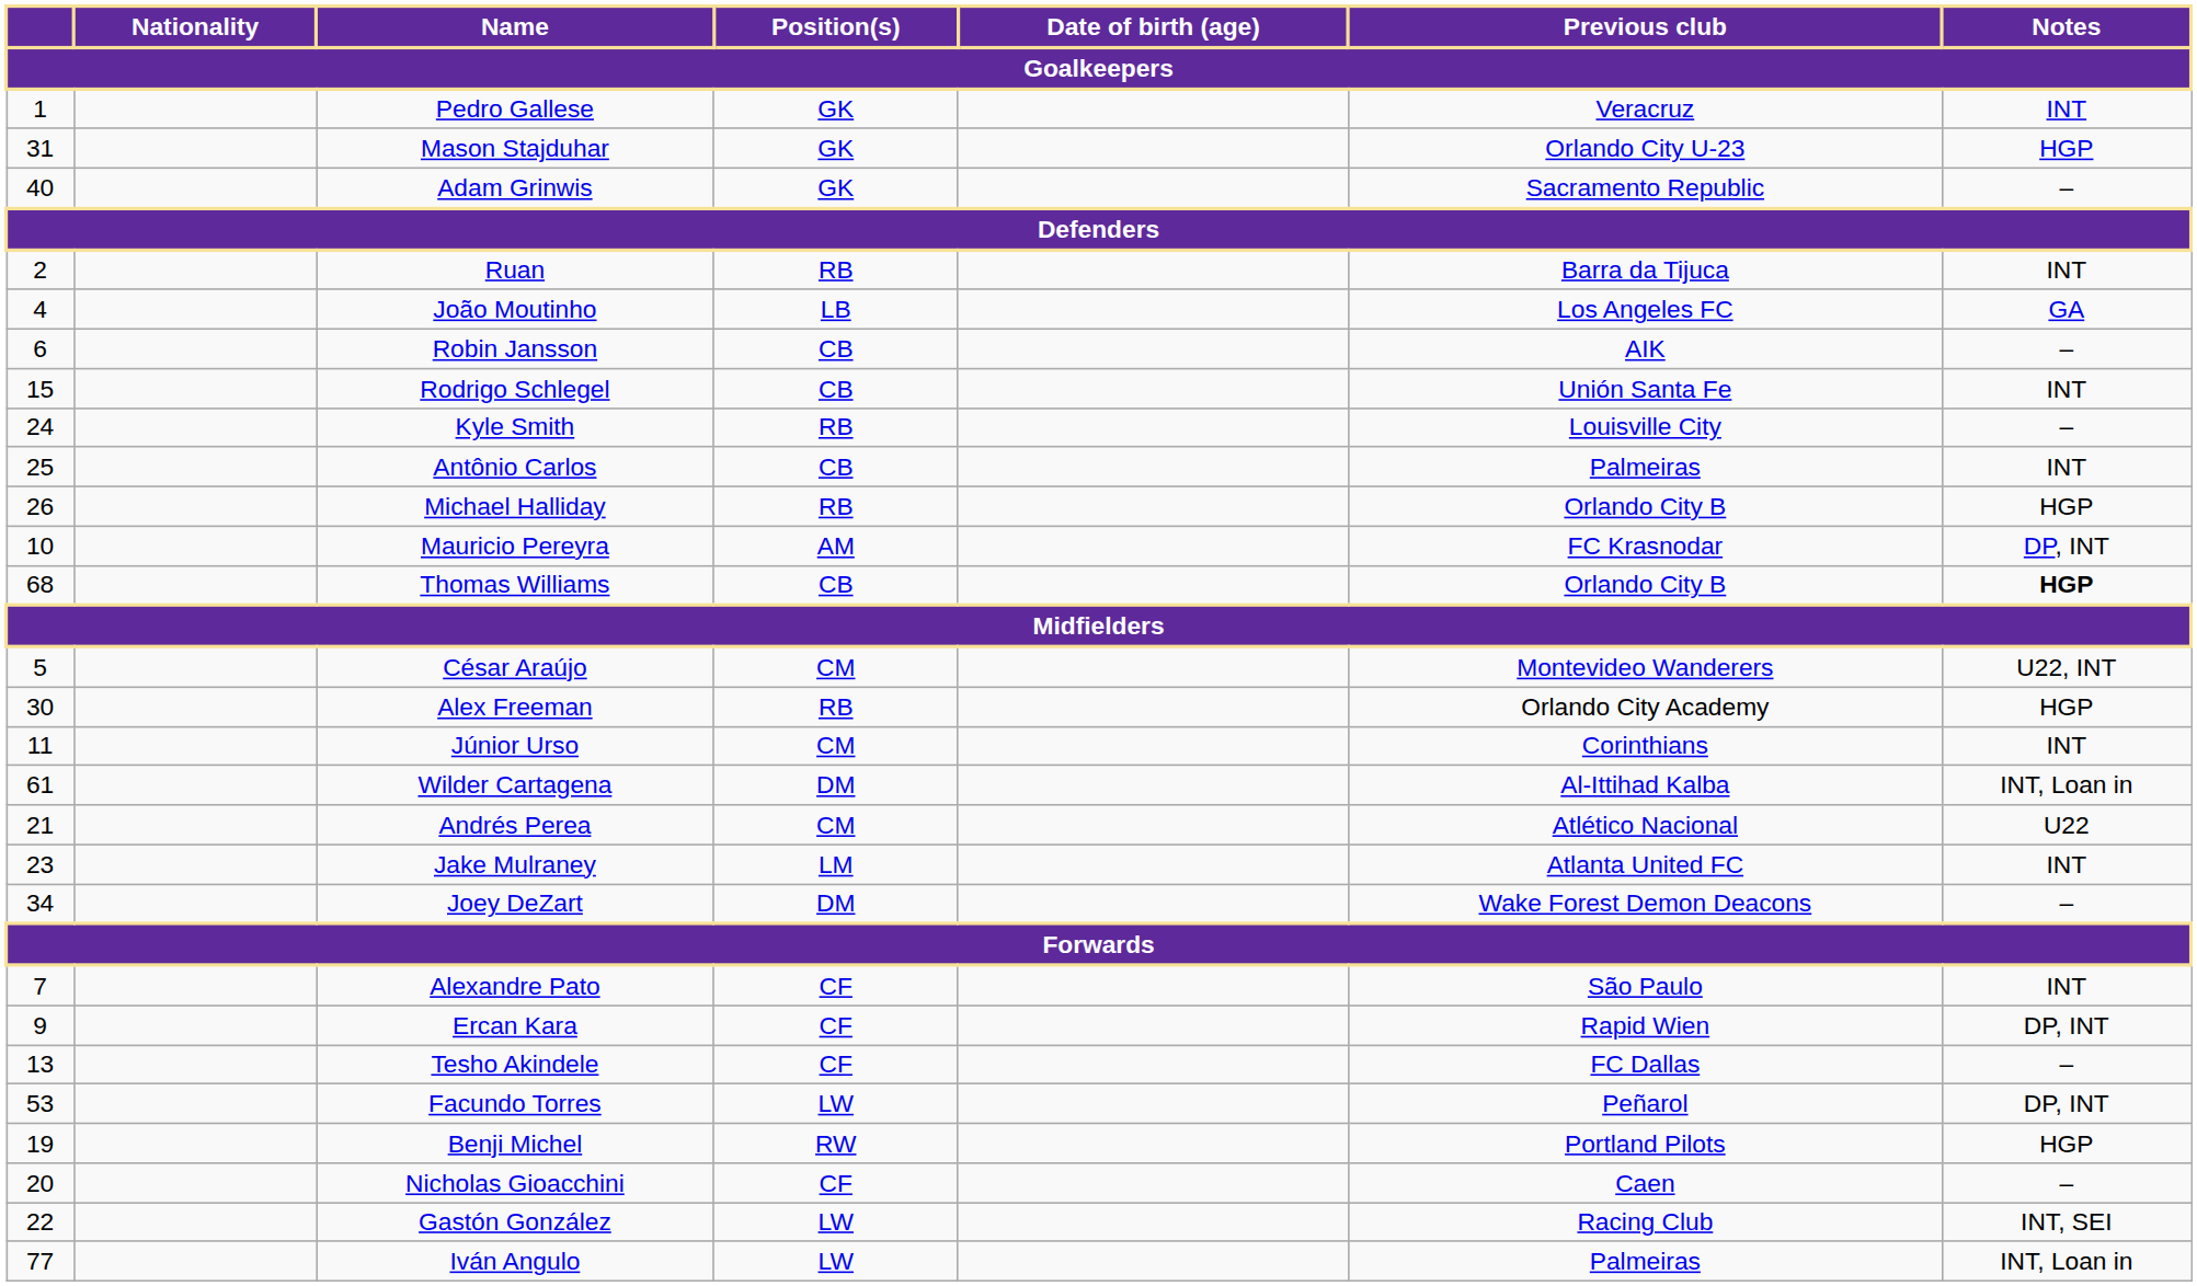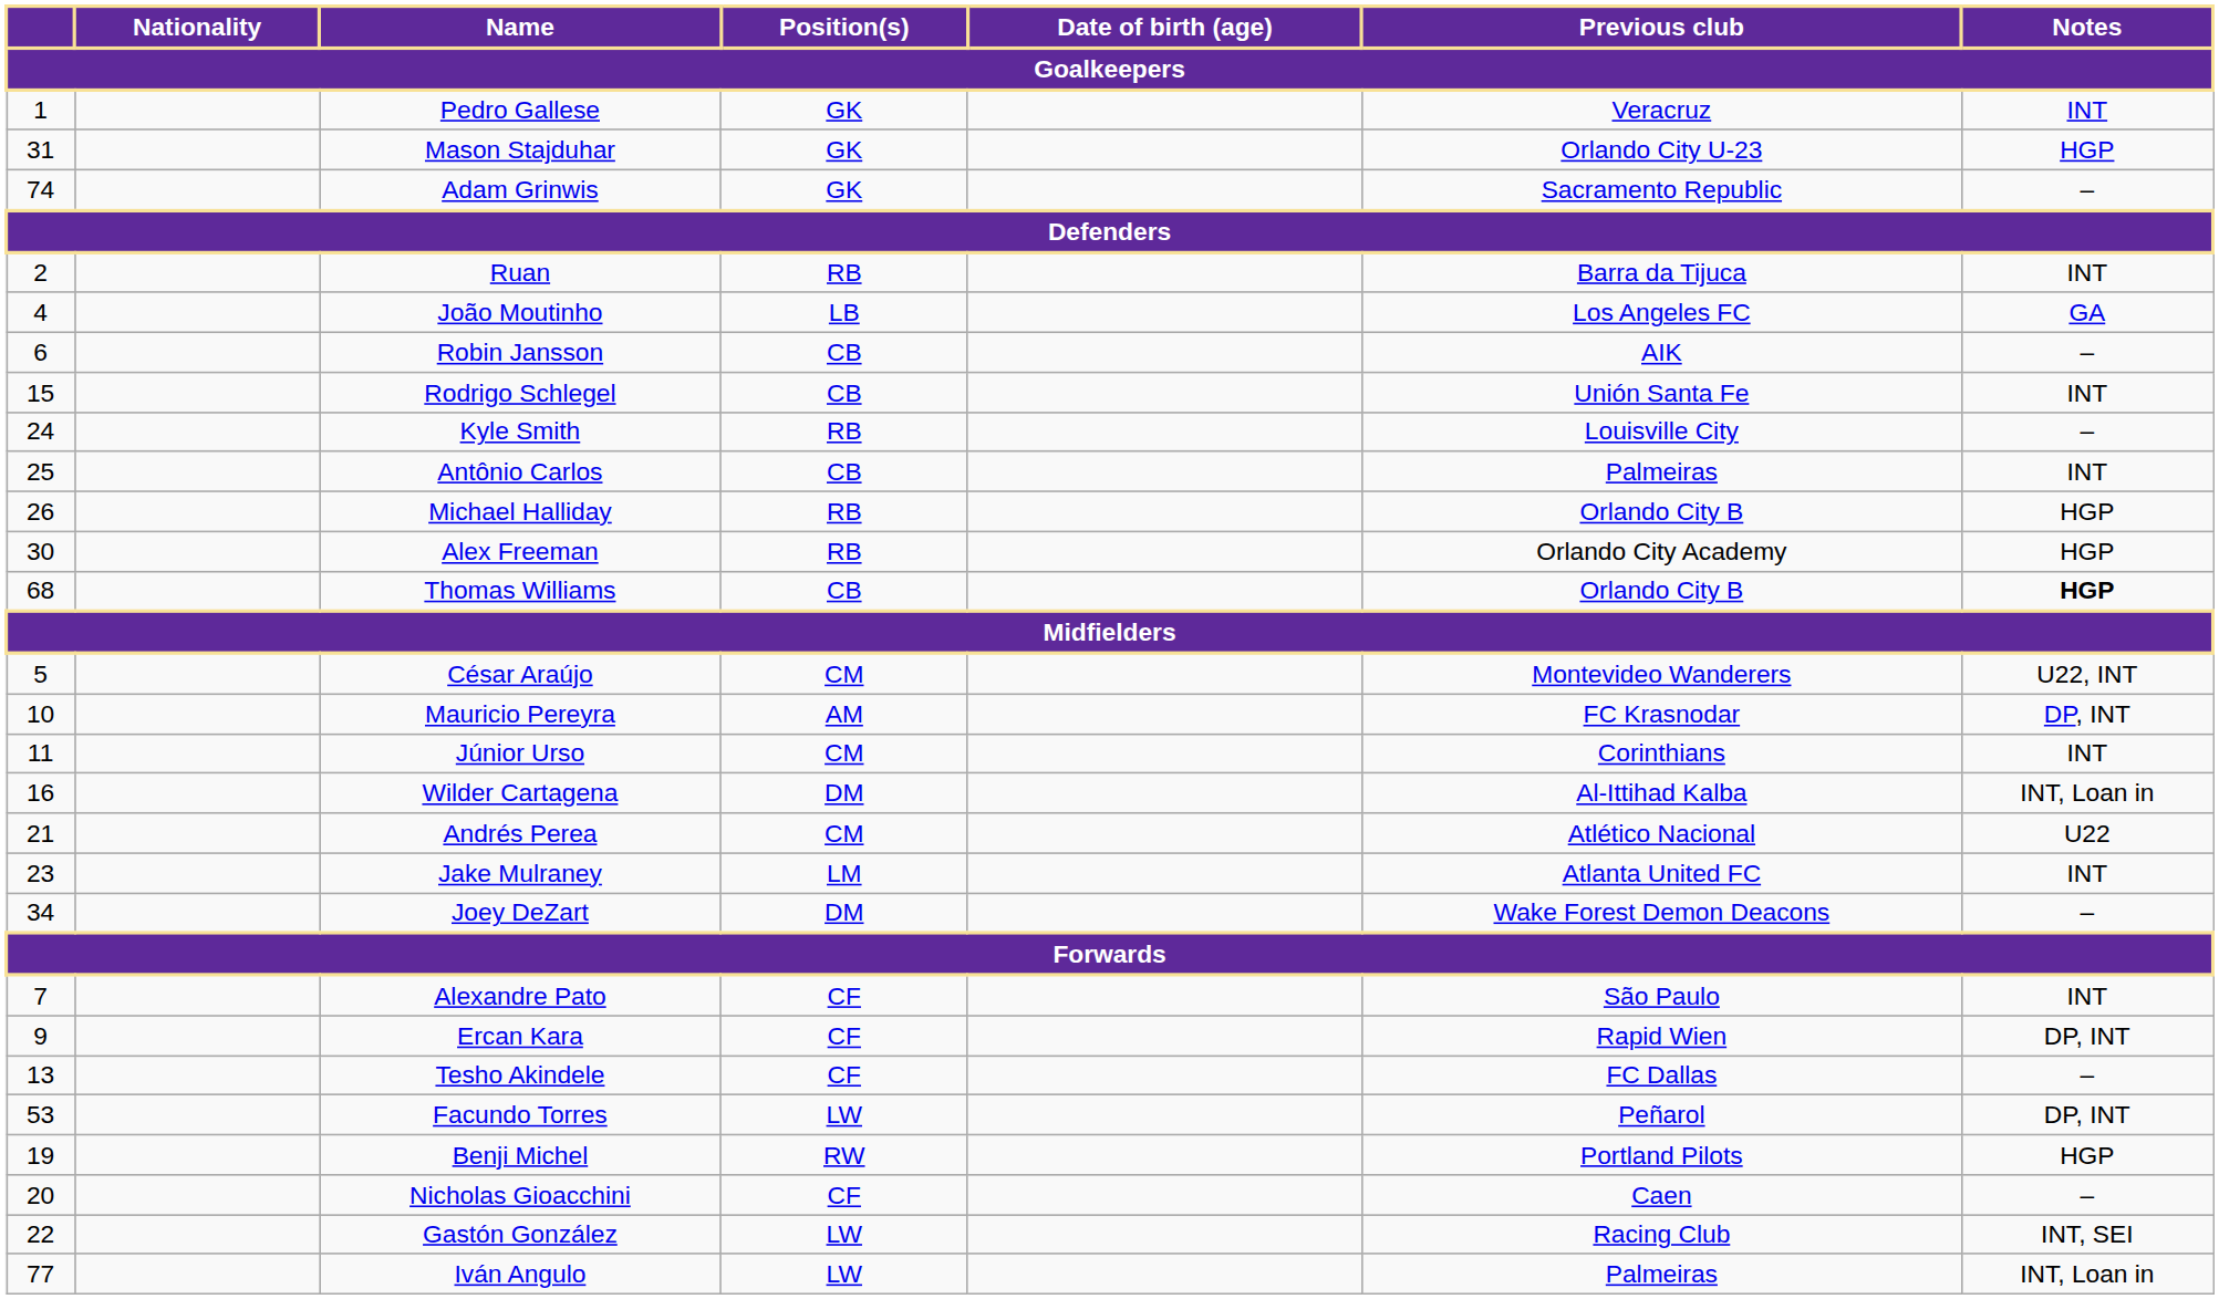 <table class="wikitable" style="text-align:center; font-size:90%; width:100%;">
 <tr>
 <th style="background:#5E299A; color:white; border:2px solid #F8E196; text-align:center;"></th>
 <th style="background:#5E299A; color:white; border:2px solid #F8E196; text-align:center;">Nationality</th>
 <th style="background:#5E299A; color:white; border:2px solid #F8E196; text-align:center;">Name</th>
 <th style="background:#5E299A; color:white; border:2px solid #F8E196; text-align:center;">Position(s)</th>
 <th style="background:#5E299A; color:white; border:2px solid #F8E196; text-align:center;">Date of birth (age)</th>
 <th style="background:#5E299A; color:white; border:2px solid #F8E196; text-align:center;">Previous club</th>
 <th style="background:#5E299A; color:white; border:2px solid #F8E196; text-align:center;">Notes</th>
 </tr>
 <tr>
 <th colspan="7" style="text-align:center; background:#5E299A; color:white; border:2px solid #F8E196;">Goalkeepers</th>
 </tr>
 <tr>
 <td>1</td>
 <td></td>
 <td><a href='#'>Pedro Gallese</a></td>
 <td><a href='#'>GK</a></td>
 <td></td>
 <td> <a href='#'>Veracruz</a></td>
 <td><a href='#'>INT</a></td>
 </tr>
 <tr>
 <td>31</td>
 <td></td>
 <td><a href='#'>Mason Stajduhar</a></td>
 <td><a href='#'>GK</a></td>
 <td></td>
 <td> <a href='#'>Orlando City U-23</a></td>
 <td><a href='#'>HGP</a></td>
 </tr>
 <tr>
-<td>40</td>
+<td>74</td>
 <td></td>
 <td><a href='#'>Adam Grinwis</a></td>
 <td><a href='#'>GK</a></td>
 <td></td>
 <td> <a href='#'>Sacramento Republic</a></td>
 <td>–</td>
 </tr>
 <tr>
 <th colspan="7" style="text-align:center; background:#5E299A; color:white; border:2px solid #F8E196;">Defenders</th>
 </tr>
 <tr>
 <td>2</td>
 <td></td>
 <td><a href='#'>Ruan</a></td>
 <td><a href='#'>RB</a></td>
 <td></td>
 <td> <a href='#'>Barra da Tijuca</a></td>
 <td>INT</td>
 </tr>
 <tr>
 <td>4</td>
 <td></td>
 <td><a href='#'>João Moutinho</a></td>
 <td><a href='#'>LB</a></td>
 <td></td>
 <td> <a href='#'>Los Angeles FC</a></td>
 <td><a href='#'>GA</a></td>
 </tr>
 <tr>
 <td>6</td>
 <td></td>
 <td><a href='#'>Robin Jansson</a></td>
 <td><a href='#'>CB</a></td>
 <td></td>
 <td> <a href='#'>AIK</a></td>
 <td>–</td>
 </tr>
 <tr>
 <td>15</td>
 <td></td>
 <td><a href='#'>Rodrigo Schlegel</a></td>
 <td><a href='#'>CB</a></td>
 <td></td>
 <td> <a href='#'>Unión Santa Fe</a></td>
 <td>INT</td>
 </tr>
 <tr>
 <td>24</td>
 <td></td>
 <td><a href='#'>Kyle Smith</a></td>
 <td><a href='#'>RB</a></td>
 <td></td>
 <td> <a href='#'>Louisville City</a></td>
 <td>–</td>
 </tr>
 <tr>
 <td>25</td>
 <td></td>
 <td><a href='#'>Antônio Carlos</a></td>
 <td><a href='#'>CB</a></td>
 <td></td>
 <td> <a href='#'>Palmeiras</a></td>
 <td>INT</td>
 </tr>
 <tr>
 <td>26</td>
 <td></td>
 <td><a href='#'>Michael Halliday</a></td>
 <td><a href='#'>RB</a></td>
 <td></td>
 <td> <a href='#'>Orlando City B</a></td>
 <td>HGP</td>
 </tr>
 <tr>
-<td>10</td>
+<td>30</td>
 <td></td>
-<td><a href='#'>Mauricio Pereyra</a></td>
-<td><a href='#'>AM</a></td>
+<td><a href='#'>Alex Freeman</a></td>
+<td><a href='#'>RB</a></td>
 <td></td>
-<td> <a href='#'>FC Krasnodar</a></td>
-<td><a href='#'>DP</a>, INT</td>
+<td> Orlando City Academy</td>
+<td>HGP</td>
 </tr>
 <tr>
 <td>68</td>
 <td></td>
 <td><a href='#'>Thomas Williams</a></td>
 <td><a href='#'>CB</a></td>
 <td></td>
 <td> <a href='#'>Orlando City B</a></td>
 <td><strong>HGP</strong></td>
 </tr>
 <tr>
 <th colspan="7" style="text-align:center; background:#5E299A; color:white; border:2px solid #F8E196;">Midfielders</th>
 </tr>
 <tr>
 <td>5</td>
 <td></td>
 <td><a href='#'>César Araújo</a></td>
 <td><a href='#'>CM</a></td>
 <td></td>
 <td> <a href='#'>Montevideo Wanderers</a></td>
 <td>U22, INT</td>
 </tr>
 <tr>
-<td>30</td>
+<td>10</td>
 <td></td>
-<td><a href='#'>Alex Freeman</a></td>
-<td><a href='#'>RB</a></td>
+<td><a href='#'>Mauricio Pereyra</a></td>
+<td><a href='#'>AM</a></td>
 <td></td>
-<td> Orlando City Academy</td>
-<td>HGP</td>
+<td> <a href='#'>FC Krasnodar</a></td>
+<td><a href='#'>DP</a>, INT</td>
 </tr>
 <tr>
 <td>11</td>
 <td></td>
 <td><a href='#'>Júnior Urso</a></td>
 <td><a href='#'>CM</a></td>
 <td></td>
 <td> <a href='#'>Corinthians</a></td>
 <td>INT</td>
 </tr>
 <tr>
-<td>61</td>
+<td>16</td>
 <td></td>
 <td><a href='#'>Wilder Cartagena</a></td>
 <td><a href='#'>DM</a></td>
 <td></td>
 <td> <a href='#'>Al-Ittihad Kalba</a></td>
 <td>INT, Loan in</td>
 </tr>
 <tr>
 <td>21</td>
 <td></td>
 <td><a href='#'>Andrés Perea</a></td>
 <td><a href='#'>CM</a></td>
 <td></td>
 <td> <a href='#'>Atlético Nacional</a></td>
 <td>U22</td>
 </tr>
 <tr>
 <td>23</td>
 <td></td>
 <td><a href='#'>Jake Mulraney</a></td>
 <td><a href='#'>LM</a></td>
 <td></td>
 <td> <a href='#'>Atlanta United FC</a></td>
 <td>INT</td>
 </tr>
 <tr>
 <td>34</td>
 <td></td>
 <td><a href='#'>Joey DeZart</a></td>
 <td><a href='#'>DM</a></td>
 <td></td>
 <td> <a href='#'>Wake Forest Demon Deacons</a></td>
 <td>–</td>
 </tr>
 <tr>
 <th colspan="7" style="text-align:center; background:#5E299A; color:white; border:2px solid #F8E196;">Forwards</th>
 </tr>
 <tr>
 <td>7</td>
 <td></td>
 <td><a href='#'>Alexandre Pato</a></td>
 <td><a href='#'>CF</a></td>
 <td></td>
 <td> <a href='#'>São Paulo</a></td>
 <td>INT</td>
 </tr>
 <tr>
 <td>9</td>
 <td></td>
 <td><a href='#'>Ercan Kara</a></td>
 <td><a href='#'>CF</a></td>
 <td></td>
 <td> <a href='#'>Rapid Wien</a></td>
 <td>DP, INT</td>
 </tr>
 <tr>
 <td>13</td>
 <td></td>
 <td><a href='#'>Tesho Akindele</a></td>
 <td><a href='#'>CF</a></td>
 <td></td>
 <td> <a href='#'>FC Dallas</a></td>
 <td>–</td>
 </tr>
 <tr>
 <td>53</td>
 <td></td>
 <td><a href='#'>Facundo Torres</a></td>
 <td><a href='#'>LW</a></td>
 <td></td>
 <td> <a href='#'>Peñarol</a></td>
 <td>DP, INT</td>
 </tr>
 <tr>
 <td>19</td>
 <td></td>
 <td><a href='#'>Benji Michel</a></td>
 <td><a href='#'>RW</a></td>
 <td></td>
 <td> <a href='#'>Portland Pilots</a></td>
 <td>HGP</td>
 </tr>
 <tr>
 <td>20</td>
 <td></td>
 <td><a href='#'>Nicholas Gioacchini</a></td>
 <td><a href='#'>CF</a></td>
 <td></td>
 <td> <a href='#'>Caen</a></td>
 <td>–<br></td>
 </tr>
 <tr>
 <td>22</td>
 <td></td>
 <td><a href='#'>Gastón González</a></td>
 <td><a href='#'>LW</a></td>
 <td></td>
 <td> <a href='#'>Racing Club</a></td>
 <td>INT,  SEI<br> </td>
 </tr>
 <tr>
 <td>77</td>
 <td></td>
 <td><a href='#'>Iván Angulo</a></td>
 <td><a href='#'>LW</a></td>
 <td></td>
 <td> <a href='#'>Palmeiras</a></td>
 <td>INT, Loan in</td>
 </tr>
 </table>
